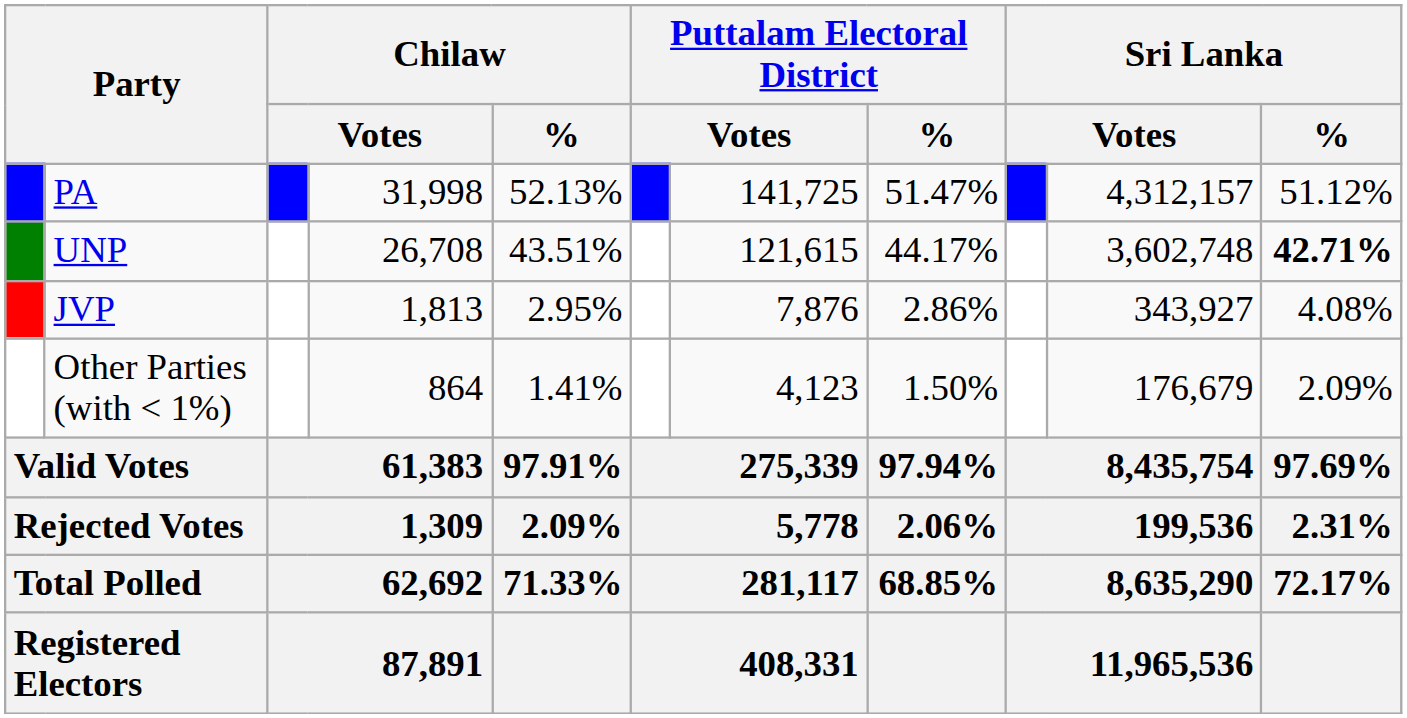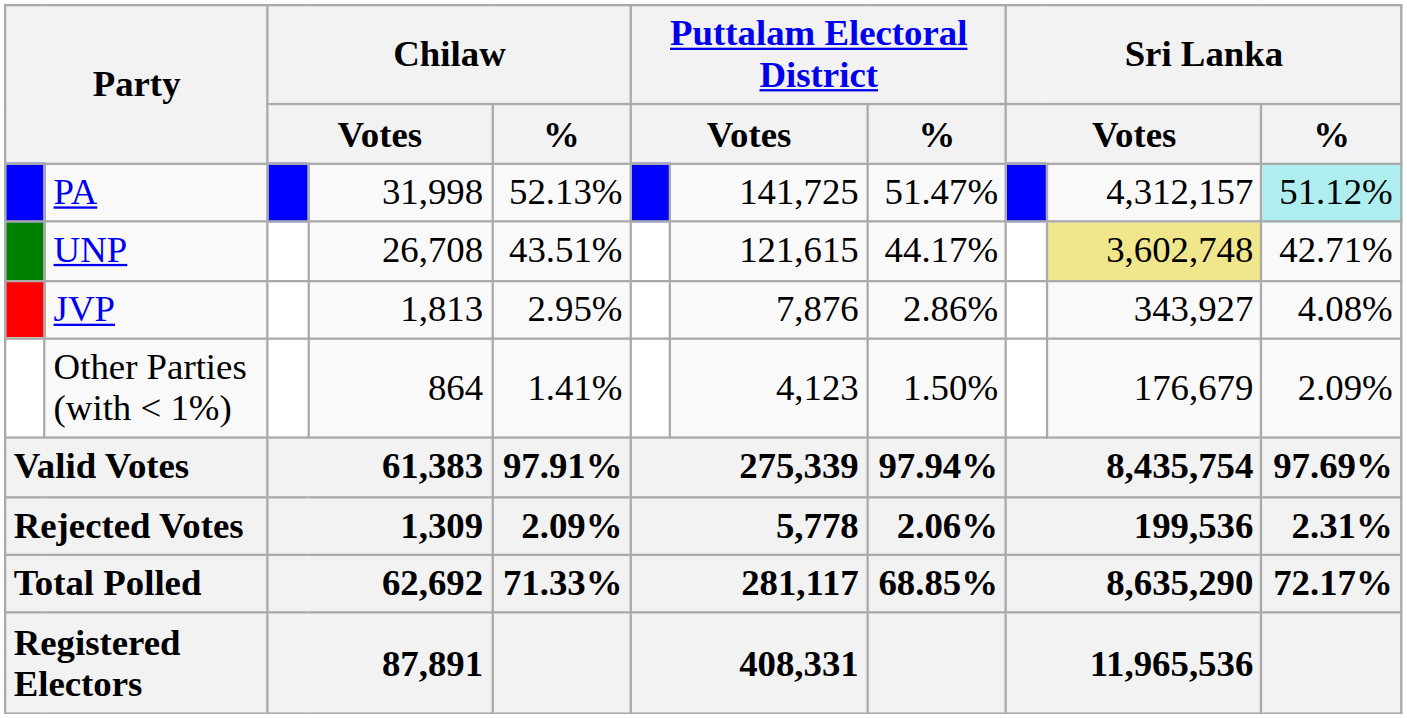 <table class="wikitable">
 <tr>
 <th colspan="2" width="144px"rowspan="2">Party</th>
 <th colspan="3" width="216px">Chilaw</th>
 <th colspan="3" width="216px"><a href='#'>Puttalam Electoral District</a></th>
 <th colspan="3" width="216px">Sri Lanka</th>
 </tr>
 <tr>
 <th colspan="2" width="144px">Votes</th>
 <th>%</th>
 <th colspan="2" width="144px">Votes</th>
 <th>%</th>
 <th colspan="2" width="144px">Votes</th>
 <th>%</th>
 </tr>
 <tr>
 <td style="background-color:blue;" width="10px"></td>
 <td style="text-align:left;"><a href='#'>PA</a></td>
 <td style="background-color:blue;" width="10px"></td>
 <td style="text-align:right;">31,998</td>
 <td style="text-align:right;">52.13%</td>
 <td style="background-color:blue;" width="10px"></td>
 <td style="text-align:right;">141,725</td>
 <td style="text-align:right;">51.47%</td>
 <td style="background-color:blue;" width="10px"></td>
 <td style="text-align:right;">4,312,157</td>
-<td style="text-align:right;">51.12%</td>
+<td style="background: paleturquoise; text-align:right;">51.12%</td>
 </tr>
 <tr>
 <td style="background-color:green;" width="10px"></td>
 <td style="text-align:left;"><a href='#'>UNP</a></td>
 <td style="background-color:white;" width="10px"></td>
 <td style="text-align:right;">26,708</td>
 <td style="text-align:right;">43.51%</td>
 <td style="background-color:white;" width="10px"></td>
 <td style="text-align:right;">121,615</td>
 <td style="text-align:right;">44.17%</td>
 <td style="background-color:white;" width="10px"></td>
-<td style="text-align:right;">3,602,748</td>
-<td style="text-align:right;"><strong>42.71%</strong></td>
+<td style="background: khaki; text-align:right;">3,602,748</td>
+<td style="text-align:right;">42.71%</td>
 </tr>
 <tr>
 <td style="background-color:red;" width="10px"></td>
 <td style="text-align:left;"><a href='#'>JVP</a></td>
 <td style="background-color:white;" width="10px"></td>
 <td style="text-align:right;">1,813</td>
 <td style="text-align:right;">2.95%</td>
 <td style="background-color:white;" width="10px"></td>
 <td style="text-align:right;">7,876</td>
 <td style="text-align:right;">2.86%</td>
 <td style="background-color:white;" width="10px"></td>
 <td style="text-align:right;">343,927</td>
 <td style="text-align:right;">4.08%</td>
 </tr>
 <tr>
 <td style="background-color:white;" width="10px"></td>
 <td style="text-align:left;">Other Parties (with < 1%)</td>
 <td style="background-color:white;" width="10px"></td>
 <td style="text-align:right;">864</td>
 <td style="text-align:right;">1.41%</td>
 <td style="background-color:white;" width="10px"></td>
 <td style="text-align:right;">4,123</td>
 <td style="text-align:right;">1.50%</td>
 <td style="background-color:white;" width="10px"></td>
 <td style="text-align:right;">176,679</td>
 <td style="text-align:right;">2.09%</td>
 </tr>
 <tr>
 <th colspan="2" width="144px"style="text-align:left;">Valid Votes</th>
 <th style="text-align:right;"colspan="2" width="144px">61,383</th>
 <th style="text-align:right;">97.91%</th>
 <th style="text-align:right;"colspan="2" width="144px">275,339</th>
 <th style="text-align:right;">97.94%</th>
 <th style="text-align:right;"colspan="2" width="144px">8,435,754</th>
 <th style="text-align:right;">97.69%</th>
 </tr>
 <tr>
 <th colspan="2" width="144px"style="text-align:left;">Rejected Votes</th>
 <th style="text-align:right;"colspan="2" width="144px">1,309</th>
 <th style="text-align:right;">2.09%</th>
 <th style="text-align:right;"colspan="2" width="144px">5,778</th>
 <th style="text-align:right;">2.06%</th>
 <th style="text-align:right;"colspan="2" width="144px">199,536</th>
 <th style="text-align:right;">2.31%</th>
 </tr>
 <tr>
 <th colspan="2" width="144px"style="text-align:left;">Total Polled</th>
 <th style="text-align:right;"colspan="2" width="144px">62,692</th>
 <th style="text-align:right;">71.33%</th>
 <th style="text-align:right;"colspan="2" width="144px">281,117</th>
 <th style="text-align:right;">68.85%</th>
 <th style="text-align:right;"colspan="2" width="144px">8,635,290</th>
 <th style="text-align:right;">72.17%</th>
 </tr>
 <tr>
 <th colspan="2" width="144px"style="text-align:left;">Registered Electors</th>
 <th style="text-align:right;"colspan="2" width="144px">87,891</th>
 <th></th>
 <th style="text-align:right;"colspan="2" width="144px">408,331</th>
 <th></th>
 <th style="text-align:right;"colspan="2" width="144px">11,965,536</th>
 <th></th>
 </tr>
 </table>
